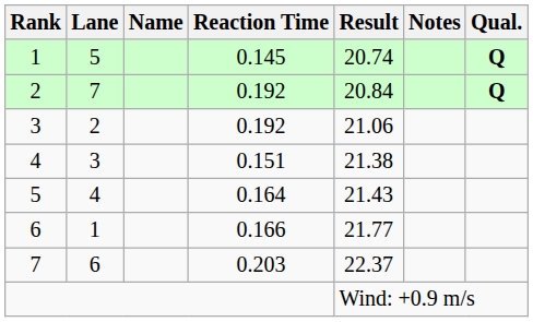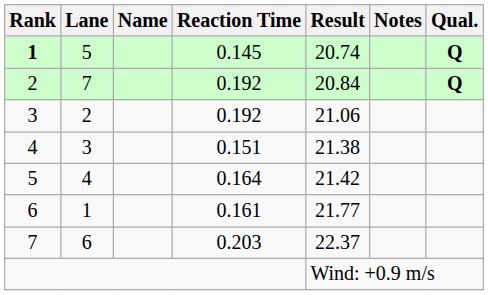 <table class="wikitable" style="text-align:center">
 <tr>
 <th>Rank</th>
 <th>Lane</th>
 <th>Name</th>
 <th>Reaction Time</th>
 <th>Result</th>
 <th>Notes</th>
 <th>Qual.</th>
 </tr>
 <tr bgcolor=ccffcc>
-<td>1</td>
+<td><strong>1</strong></td>
 <td>5</td>
 <td align="left"></td>
 <td>0.145</td>
 <td>20.74</td>
 <td></td>
 <td><strong>Q</strong></td>
 </tr>
 <tr bgcolor=ccffcc>
 <td>2</td>
 <td>7</td>
 <td align="left"></td>
 <td>0.192</td>
 <td>20.84</td>
 <td></td>
 <td><strong>Q</strong></td>
 </tr>
 <tr>
 <td>3</td>
 <td>2</td>
 <td align="left"></td>
 <td>0.192</td>
 <td>21.06</td>
 <td></td>
 <td></td>
 </tr>
 <tr>
 <td>4</td>
 <td>3</td>
 <td align="left"></td>
 <td>0.151</td>
 <td>21.38</td>
 <td></td>
 <td></td>
 </tr>
 <tr>
 <td>5</td>
 <td>4</td>
 <td align="left"></td>
 <td>0.164</td>
-<td>21.43</td>
+<td>21.42</td>
 <td></td>
 <td></td>
 </tr>
 <tr>
 <td>6</td>
 <td>1</td>
 <td align="left"></td>
-<td>0.166</td>
+<td>0.161</td>
 <td>21.77</td>
 <td></td>
 <td></td>
 </tr>
 <tr>
 <td>7</td>
 <td>6</td>
 <td align="left"></td>
 <td>0.203</td>
 <td>22.37</td>
 <td></td>
 <td></td>
 </tr>
 <tr class="sortbottom">
 <td colspan=4></td>
 <td colspan="3" style="text-align:left;">Wind: +0.9 m/s</td>
 </tr>
 </table>
